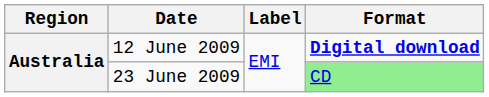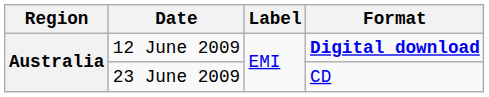 <table class="wikitable plainrowheaders">
 <tr>
 <th>Region</th>
 <th>Date</th>
 <th>Label</th>
 <th>Format</th>
 </tr>
 <tr>
 <th scope="row" rowspan="2">Australia</th>
 <td>12 June 2009</td>
 <td rowspan="2"><a href='#'>EMI</a></td>
 <td><strong><a href='#'>Digital download</a></strong></td>
 </tr>
 <tr>
 <td>23 June 2009</td>
-<td style="background: lightgreen;"><a href='#'>CD</a></td>
+<td><a href='#'>CD</a></td>
 </tr>
 </table>
